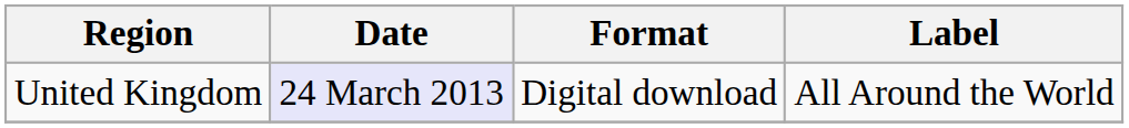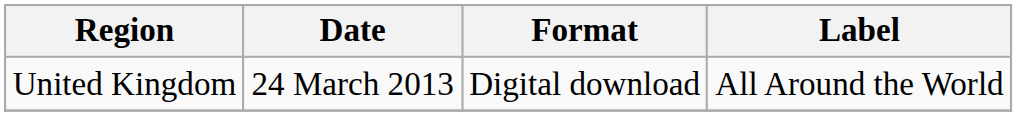 <table class=wikitable>
 <tr>
 <th>Region</th>
 <th>Date</th>
 <th>Format</th>
 <th>Label</th>
 </tr>
 <tr>
 <td>United Kingdom</td>
-<td style="background: lavender;">24 March 2013</td>
+<td>24 March 2013</td>
 <td>Digital download</td>
 <td>All Around the World</td>
 </tr>
 <tr>
 </tr>
 </table>
